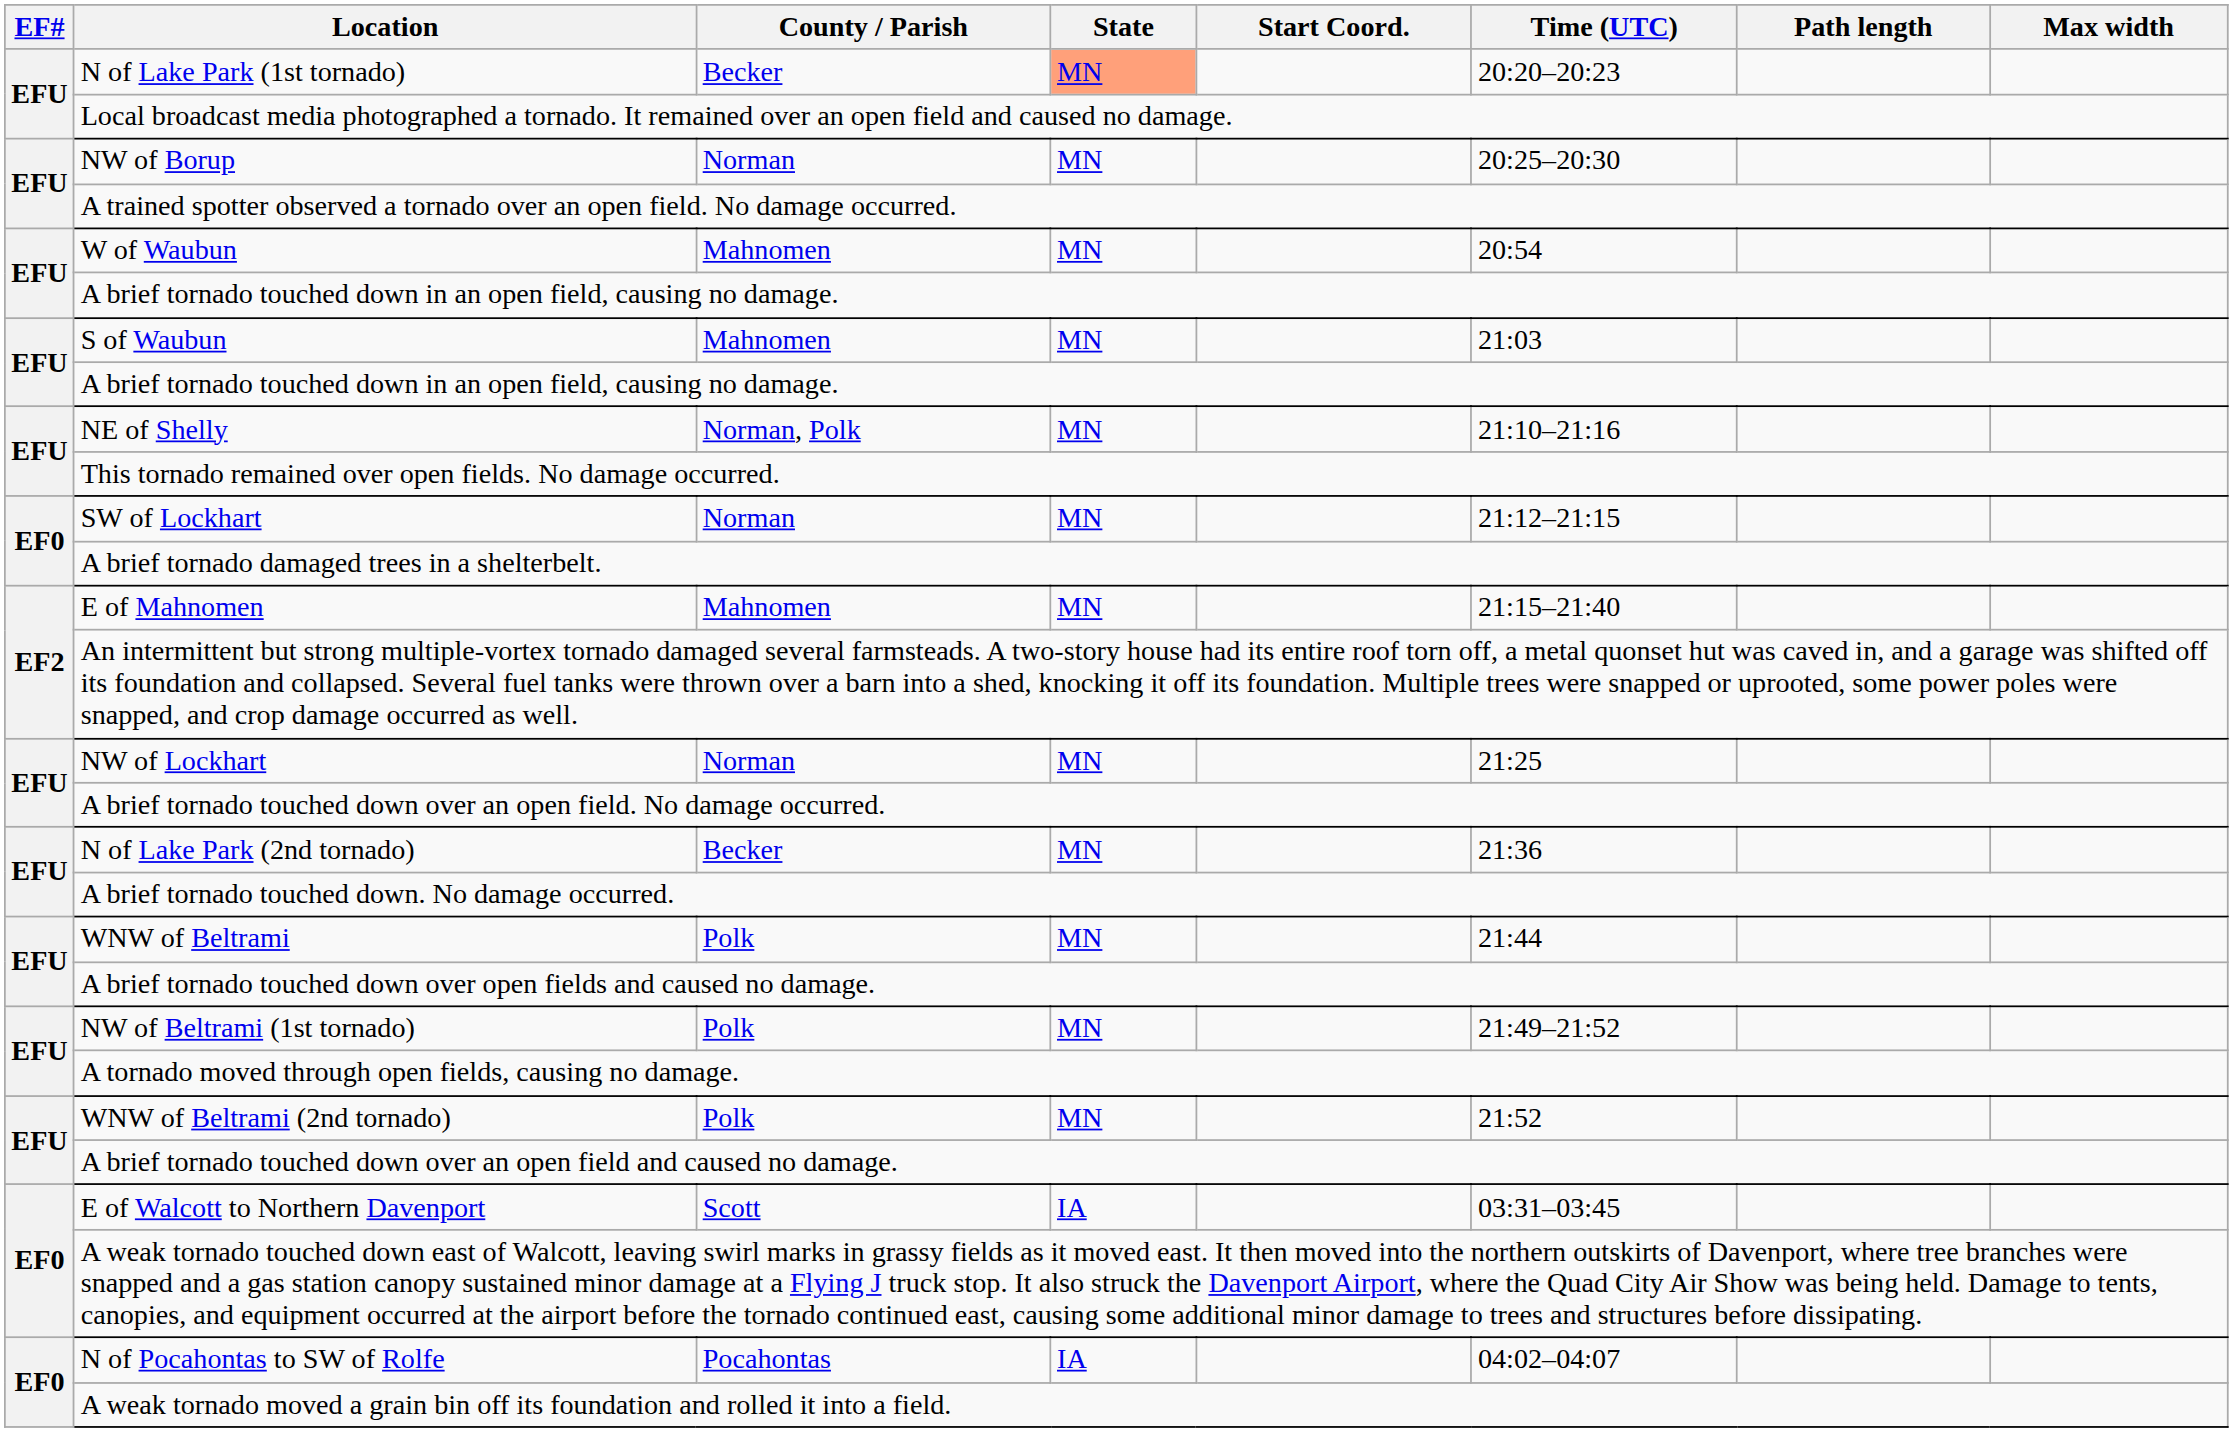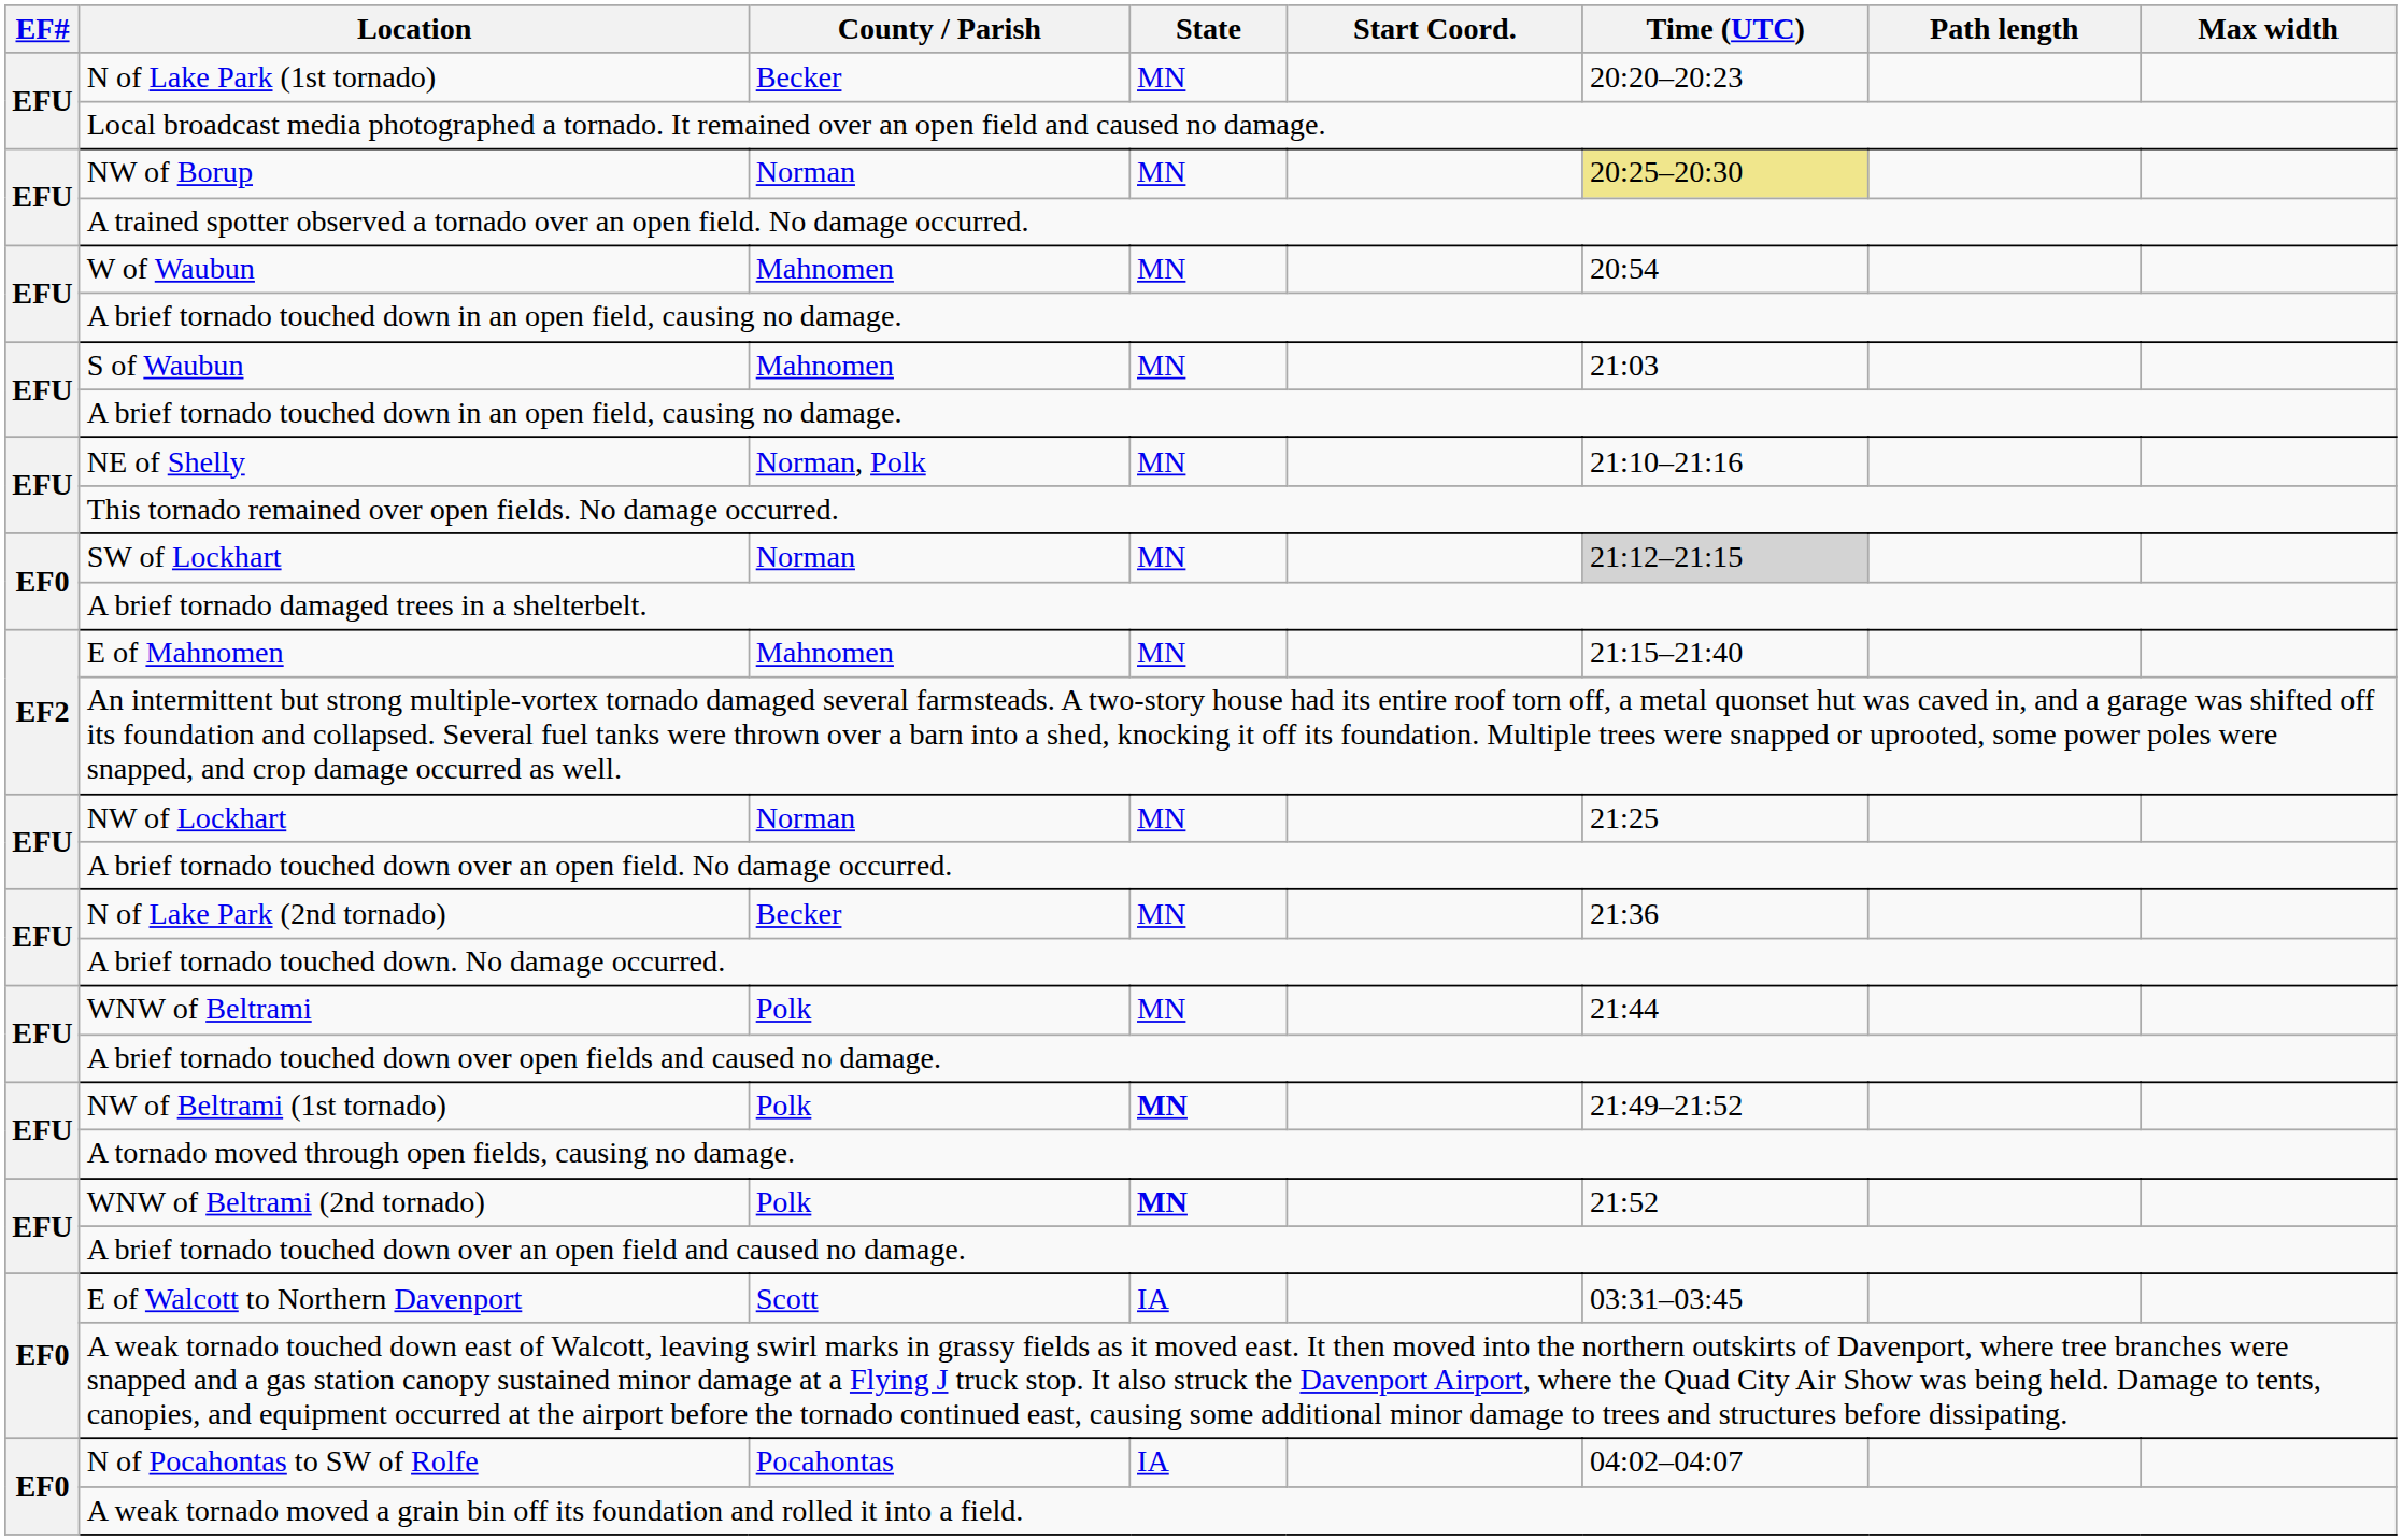 <table class="wikitable sortable" style="width:100%;">
 <tr>
 <th scope="col" width="2%" align="center"><a href='#'>EF#</a></th>
 <th scope="col" align="center" class="unsortable">Location</th>
 <th scope="col" align="center" class="unsortable">County / Parish</th>
 <th scope="col" align="center">State</th>
 <th scope="col" align="center">Start Coord.</th>
 <th scope="col" align="center">Time (<a href='#'>UTC</a>)</th>
 <th scope="col" align="center">Path length</th>
 <th scope="col" align="center">Max width</th>
 </tr>
 <tr>
 <th scope="row" rowspan="2" style="background-color:#">EFU</th>
 <td>N of <a href='#'>Lake Park</a> (1st tornado)</td>
 <td><a href='#'>Becker</a></td>
-<td style="background: lightsalmon;"><a href='#'>MN</a></td>
+<td><a href='#'>MN</a></td>
 <td></td>
 <td>20:20–20:23</td>
 <td></td>
 <td></td>
 </tr>
 <tr class="expand-child">
 <td colspan="7" style=" border-bottom: 1px solid black;">Local broadcast media photographed a tornado. It remained over an open field and caused no damage.</td>
 </tr>
 <tr>
 <th scope="row" rowspan="2" style="background-color:#">EFU</th>
 <td>NW of <a href='#'>Borup</a></td>
 <td><a href='#'>Norman</a></td>
 <td><a href='#'>MN</a></td>
 <td></td>
-<td>20:25–20:30</td>
+<td style="background: khaki;">20:25–20:30</td>
 <td></td>
 <td></td>
 </tr>
 <tr class="expand-child">
 <td colspan="7" style=" border-bottom: 1px solid black;">A trained spotter observed a tornado over an open field. No damage occurred.</td>
 </tr>
 <tr>
 <th scope="row" rowspan="2" style="background-color:#">EFU</th>
 <td>W of <a href='#'>Waubun</a></td>
 <td><a href='#'>Mahnomen</a></td>
 <td><a href='#'>MN</a></td>
 <td></td>
 <td>20:54</td>
 <td></td>
 <td></td>
 </tr>
 <tr class="expand-child">
 <td colspan="7" style=" border-bottom: 1px solid black;">A brief tornado touched down in an open field, causing no damage.</td>
 </tr>
 <tr>
 <th scope="row" rowspan="2" style="background-color:#">EFU</th>
 <td>S of <a href='#'>Waubun</a></td>
 <td><a href='#'>Mahnomen</a></td>
 <td><a href='#'>MN</a></td>
 <td></td>
 <td>21:03</td>
 <td></td>
 <td></td>
 </tr>
 <tr class="expand-child">
 <td colspan="7" style=" border-bottom: 1px solid black;">A brief tornado touched down in an open field, causing no damage.</td>
 </tr>
 <tr>
 <th scope="row" rowspan="2" style="background-color:#">EFU</th>
 <td>NE of <a href='#'>Shelly</a></td>
 <td><a href='#'>Norman</a>, <a href='#'>Polk</a></td>
 <td><a href='#'>MN</a></td>
 <td></td>
 <td>21:10–21:16</td>
 <td></td>
 <td></td>
 </tr>
 <tr class="expand-child">
 <td colspan="7" style=" border-bottom: 1px solid black;">This tornado remained over open fields. No damage occurred.</td>
 </tr>
 <tr>
 <th scope="row" rowspan="2" style="background-color:#">EF0</th>
 <td>SW of <a href='#'>Lockhart</a></td>
 <td><a href='#'>Norman</a></td>
 <td><a href='#'>MN</a></td>
 <td></td>
-<td>21:12–21:15</td>
+<td style="background: lightgrey;">21:12–21:15</td>
 <td></td>
 <td></td>
 </tr>
 <tr class="expand-child">
 <td colspan="7" style=" border-bottom: 1px solid black;">A brief tornado damaged trees in a shelterbelt.</td>
 </tr>
 <tr>
 <th scope="row" rowspan="2" style="background-color:#">EF2</th>
 <td>E of <a href='#'>Mahnomen</a></td>
 <td><a href='#'>Mahnomen</a></td>
 <td><a href='#'>MN</a></td>
 <td></td>
 <td>21:15–21:40</td>
 <td></td>
 <td></td>
 </tr>
 <tr class="expand-child">
 <td colspan="7" style=" border-bottom: 1px solid black;">An intermittent but strong multiple-vortex tornado damaged several farmsteads. A two-story house had its entire roof torn off, a metal quonset hut was caved in, and a garage was shifted off its foundation and collapsed. Several fuel tanks were thrown over a barn into a shed, knocking it off its foundation. Multiple trees were snapped or uprooted, some power poles were snapped, and crop damage occurred as well.</td>
 </tr>
 <tr>
 <th scope="row" rowspan="2" style="background-color:#">EFU</th>
 <td>NW of <a href='#'>Lockhart</a></td>
 <td><a href='#'>Norman</a></td>
 <td><a href='#'>MN</a></td>
 <td></td>
 <td>21:25</td>
 <td></td>
 <td></td>
 </tr>
 <tr class="expand-child">
 <td colspan="7" style=" border-bottom: 1px solid black;">A brief tornado touched down over an open field. No damage occurred.</td>
 </tr>
 <tr>
 <th scope="row" rowspan="2" style="background-color:#">EFU</th>
 <td>N of <a href='#'>Lake Park</a> (2nd tornado)</td>
 <td><a href='#'>Becker</a></td>
 <td><a href='#'>MN</a></td>
 <td></td>
 <td>21:36</td>
 <td></td>
 <td></td>
 </tr>
 <tr class="expand-child">
 <td colspan="7" style=" border-bottom: 1px solid black;">A brief tornado touched down. No damage occurred.</td>
 </tr>
 <tr>
 <th scope="row" rowspan="2" style="background-color:#">EFU</th>
 <td>WNW of <a href='#'>Beltrami</a></td>
 <td><a href='#'>Polk</a></td>
 <td><a href='#'>MN</a></td>
 <td></td>
 <td>21:44</td>
 <td></td>
 <td></td>
 </tr>
 <tr class="expand-child">
 <td colspan="7" style=" border-bottom: 1px solid black;">A brief tornado touched down over open fields and caused no damage.</td>
 </tr>
 <tr>
 <th scope="row" rowspan="2" style="background-color:#">EFU</th>
 <td>NW of <a href='#'>Beltrami</a> (1st tornado)</td>
 <td><a href='#'>Polk</a></td>
-<td><a href='#'>MN</a></td>
+<td><strong><a href='#'>MN</a></strong></td>
 <td></td>
 <td>21:49–21:52</td>
 <td></td>
 <td></td>
 </tr>
 <tr class="expand-child">
 <td colspan="7" style=" border-bottom: 1px solid black;">A tornado moved through open fields, causing no damage.</td>
 </tr>
 <tr>
 <th scope="row" rowspan="2" style="background-color:#">EFU</th>
 <td>WNW of <a href='#'>Beltrami</a> (2nd tornado)</td>
 <td><a href='#'>Polk</a></td>
-<td><a href='#'>MN</a></td>
+<td><strong><a href='#'>MN</a></strong></td>
 <td></td>
 <td>21:52</td>
 <td></td>
 <td></td>
 </tr>
 <tr class="expand-child">
 <td colspan="7" style=" border-bottom: 1px solid black;">A brief tornado touched down over an open field and caused no damage.</td>
 </tr>
 <tr>
 <th scope="row" rowspan="2" style="background-color:#">EF0</th>
 <td>E of <a href='#'>Walcott</a> to Northern <a href='#'>Davenport</a></td>
 <td><a href='#'>Scott</a></td>
 <td><a href='#'>IA</a></td>
 <td></td>
 <td>03:31–03:45</td>
 <td></td>
 <td></td>
 </tr>
 <tr class="expand-child">
 <td colspan="7" style=" border-bottom: 1px solid black;">A weak tornado touched down east of Walcott, leaving swirl marks in grassy fields as it moved east. It then moved into the northern outskirts of Davenport, where tree branches were snapped and a gas station canopy sustained minor damage at a <a href='#'>Flying J</a> truck stop. It also struck the <a href='#'>Davenport Airport</a>, where the Quad City Air Show was being held. Damage to tents, canopies, and equipment occurred at the airport before the tornado continued east, causing some additional minor damage to trees and structures before dissipating.</td>
 </tr>
 <tr>
 <th scope="row" rowspan="2" style="background-color:#">EF0</th>
 <td>N of <a href='#'>Pocahontas</a> to SW of <a href='#'>Rolfe</a></td>
 <td><a href='#'>Pocahontas</a></td>
 <td><a href='#'>IA</a></td>
 <td></td>
 <td>04:02–04:07</td>
 <td></td>
 <td></td>
 </tr>
 <tr class="expand-child">
 <td colspan="7" style=" border-bottom: 1px solid black;">A weak tornado moved a grain bin off its foundation and rolled it into a field.</td>
 </tr>
 </table>
